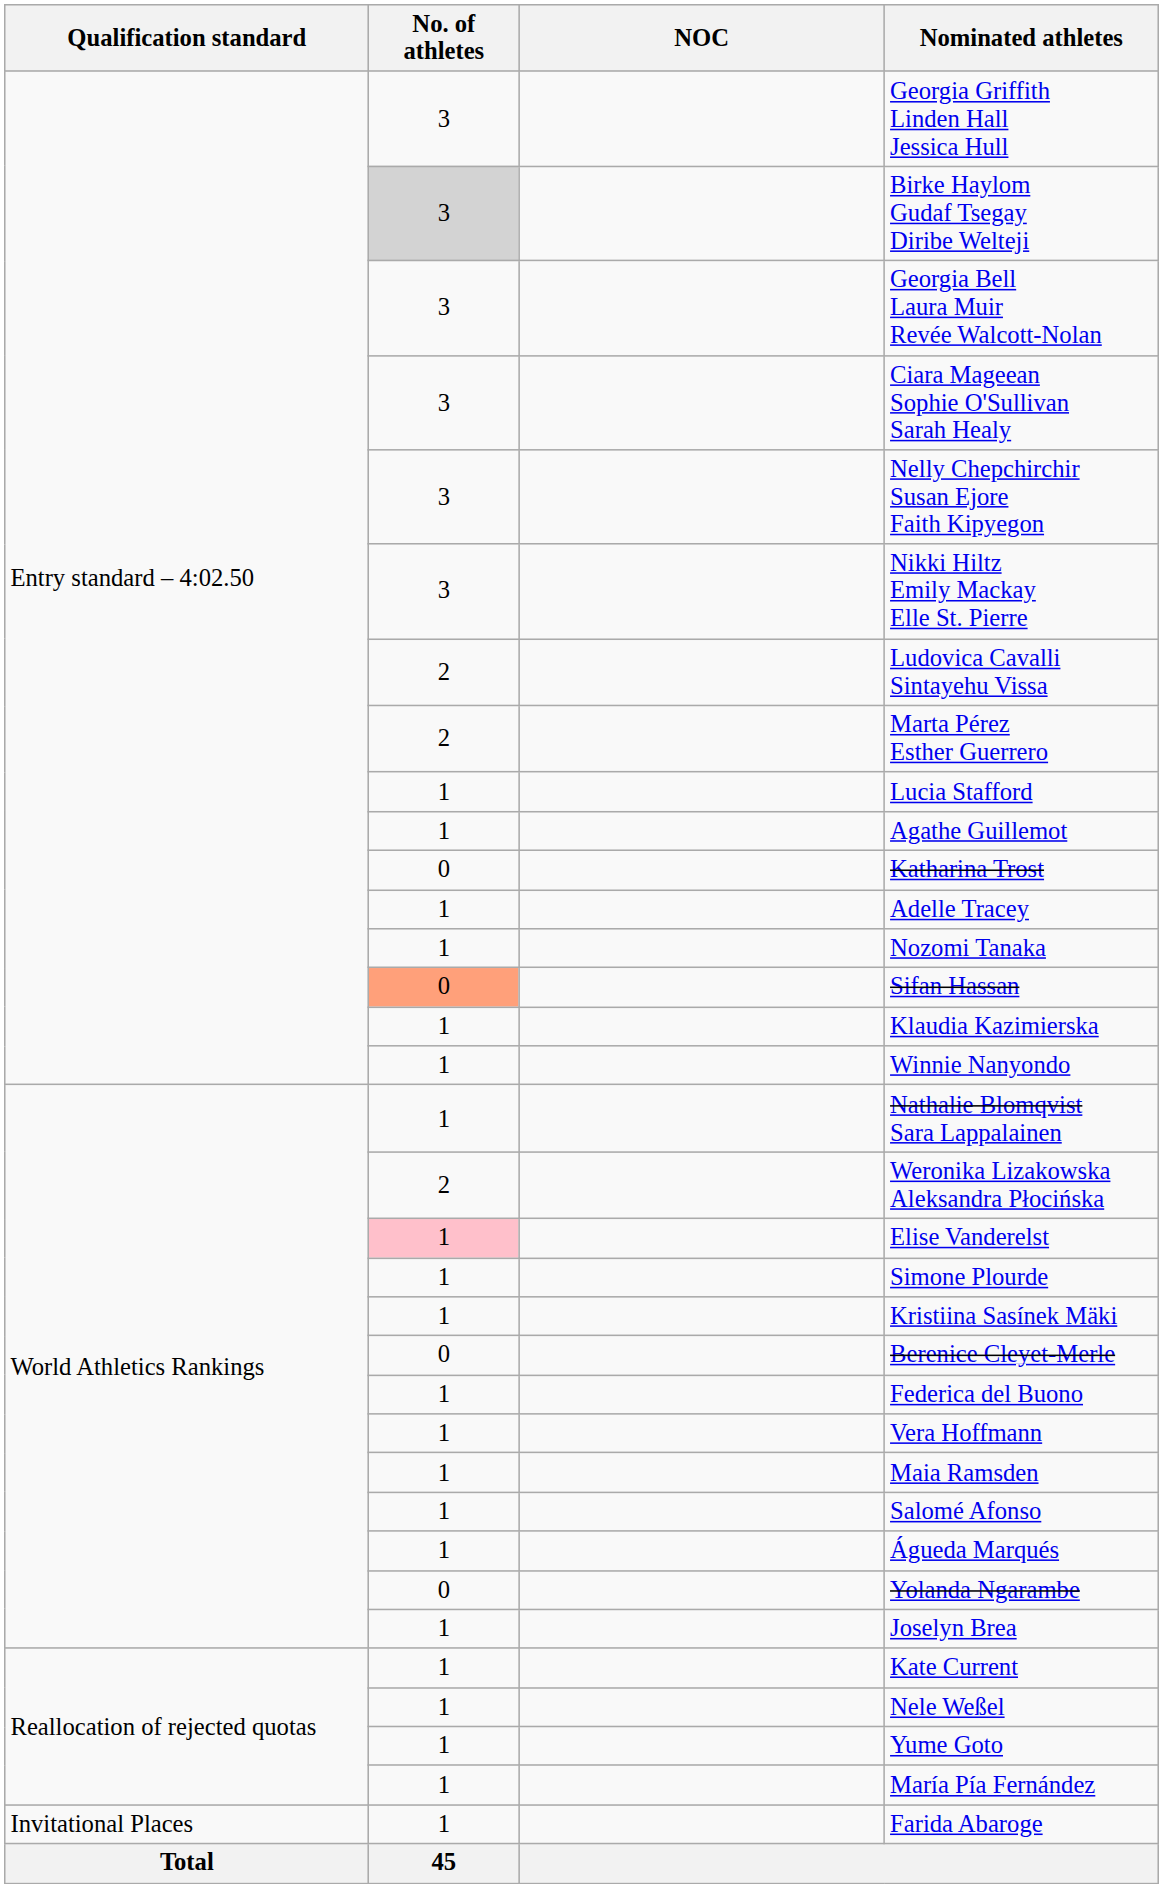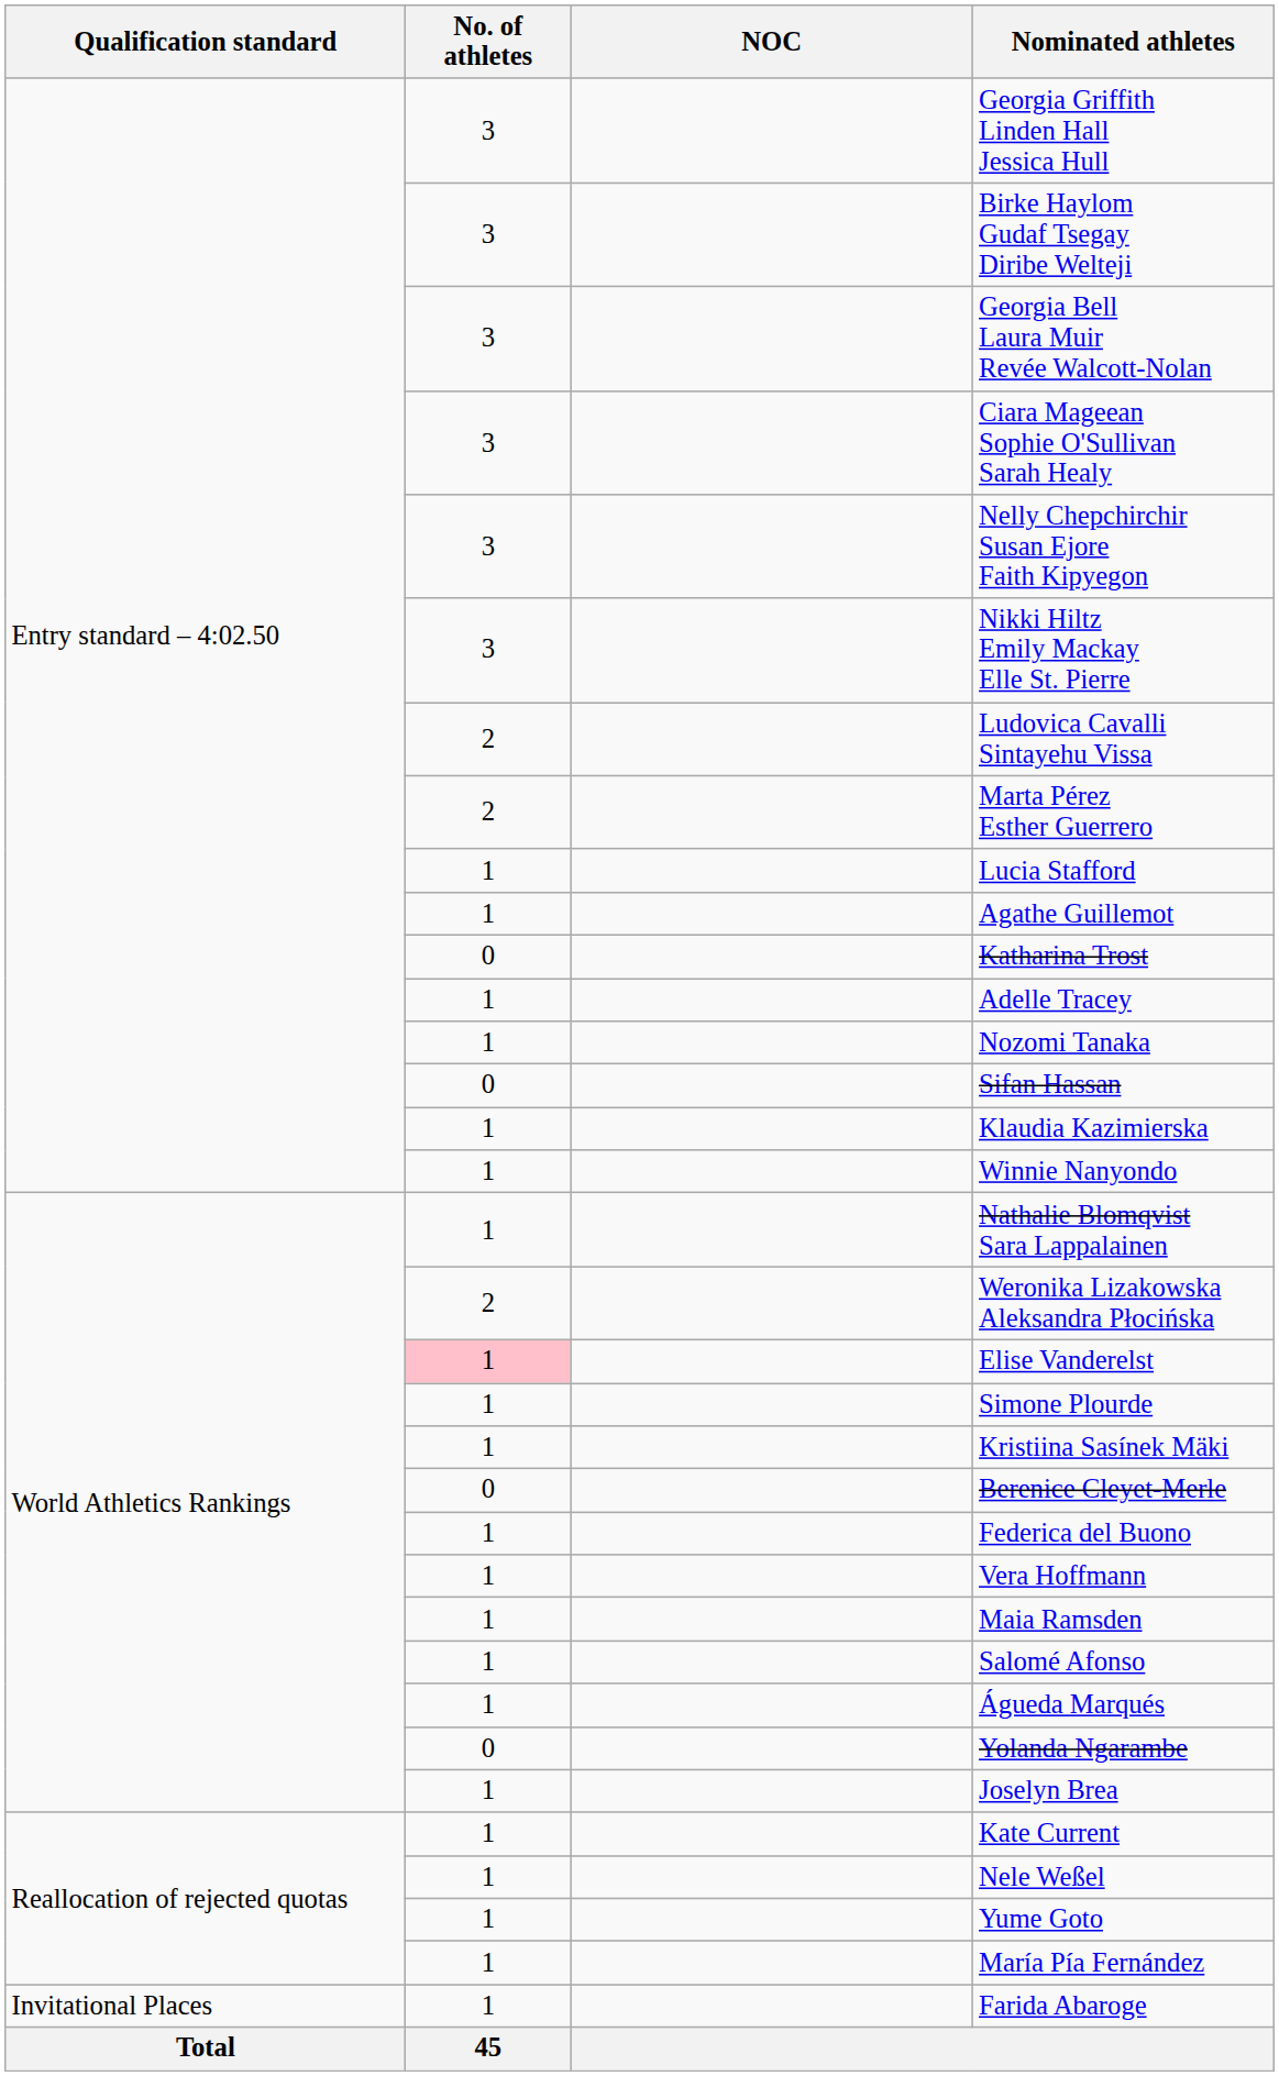 <table class="wikitable sortable" style="text-align:left; width:750px;">
 <tr>
 <th>Qualification standard</th>
 <th width=90>No. of athletes</th>
 <th width=230>NOC</th>
 <th>Nominated athletes</th>
 </tr>
 <tr>
 <td rowspan=16>Entry standard – 4:02.50</td>
 <td align=center>3</td>
 <td></td>
 <td><a href='#'>Georgia Griffith</a><br><a href='#'>Linden Hall</a><br><a href='#'>Jessica Hull</a></td>
 </tr>
 <tr>
-<td align=center style="background: lightgrey;">3</td>
+<td align=center>3</td>
 <td></td>
 <td><a href='#'>Birke Haylom</a><br><a href='#'>Gudaf Tsegay</a><br><a href='#'>Diribe Welteji</a></td>
 </tr>
 <tr>
 <td align=center>3</td>
 <td></td>
 <td><a href='#'>Georgia Bell</a><br><a href='#'>Laura Muir</a><br><a href='#'>Revée Walcott-Nolan</a></td>
 </tr>
 <tr>
 <td align=center>3</td>
 <td></td>
 <td><a href='#'>Ciara Mageean</a><br><a href='#'>Sophie O'Sullivan</a><br><a href='#'>Sarah Healy</a></td>
 </tr>
 <tr>
 <td align=center>3</td>
 <td></td>
 <td><a href='#'>Nelly Chepchirchir</a><br><a href='#'>Susan Ejore</a><br><a href='#'>Faith Kipyegon</a></td>
 </tr>
 <tr>
 <td align=center>3</td>
 <td></td>
 <td><a href='#'>Nikki Hiltz</a><br><a href='#'>Emily Mackay</a><br><a href='#'>Elle St. Pierre</a></td>
 </tr>
 <tr>
 <td align=center>2</td>
 <td></td>
 <td><a href='#'>Ludovica Cavalli</a><br><a href='#'>Sintayehu Vissa</a></td>
 </tr>
 <tr>
 <td align=center>2</td>
 <td></td>
 <td><a href='#'>Marta Pérez</a><br><a href='#'>Esther Guerrero</a></td>
 </tr>
 <tr>
 <td align=center>1</td>
 <td></td>
 <td><a href='#'>Lucia Stafford</a></td>
 </tr>
 <tr>
 <td align=center>1</td>
 <td></td>
 <td><a href='#'>Agathe Guillemot</a></td>
 </tr>
 <tr>
 <td align=center>0</td>
 <td><s></s></td>
 <td><s><a href='#'>Katharina Trost</a></s></td>
 </tr>
 <tr>
 <td align=center>1</td>
 <td></td>
 <td><a href='#'>Adelle Tracey</a></td>
 </tr>
 <tr>
 <td align=center>1</td>
 <td></td>
 <td><a href='#'>Nozomi Tanaka</a></td>
 </tr>
 <tr>
-<td align=center style="background: lightsalmon;">0</td>
+<td align=center>0</td>
 <td></td>
 <td><s><a href='#'>Sifan Hassan</a></s></td>
 </tr>
 <tr>
 <td align=center>1</td>
 <td></td>
 <td><a href='#'>Klaudia Kazimierska</a></td>
 </tr>
 <tr>
 <td align=center>1</td>
 <td></td>
 <td><a href='#'>Winnie Nanyondo</a></td>
 </tr>
 <tr>
 <td rowspan =13>World Athletics Rankings</td>
 <td align=center>1</td>
 <td></td>
 <td><s><a href='#'>Nathalie Blomqvist</a></s><br><a href='#'>Sara Lappalainen</a></td>
 </tr>
 <tr>
 <td align=center>2</td>
 <td></td>
 <td><a href='#'>Weronika Lizakowska</a><br><a href='#'>Aleksandra Płocińska</a></td>
 </tr>
 <tr>
 <td align=center style="background: pink;">1</td>
 <td></td>
 <td><a href='#'>Elise Vanderelst</a></td>
 </tr>
 <tr>
 <td align=center>1</td>
 <td></td>
 <td><a href='#'>Simone Plourde</a></td>
 </tr>
 <tr>
 <td align=center>1</td>
 <td></td>
 <td><a href='#'>Kristiina Sasínek Mäki</a></td>
 </tr>
 <tr>
 <td align=center>0</td>
 <td><s></s></td>
 <td><s><a href='#'>Berenice Cleyet-Merle</a></s></td>
 </tr>
 <tr>
 <td align=center>1</td>
 <td></td>
 <td><a href='#'>Federica del Buono</a></td>
 </tr>
 <tr>
 <td align=center>1</td>
 <td></td>
 <td><a href='#'>Vera Hoffmann</a></td>
 </tr>
 <tr>
 <td align=center>1</td>
 <td></td>
 <td><a href='#'>Maia Ramsden</a></td>
 </tr>
 <tr>
 <td align=center>1</td>
 <td></td>
 <td><a href='#'>Salomé Afonso</a></td>
 </tr>
 <tr>
 <td align=center>1</td>
 <td></td>
 <td><a href='#'>Águeda Marqués</a></td>
 </tr>
 <tr>
 <td align=center>0</td>
 <td><s></s></td>
 <td><s><a href='#'>Yolanda Ngarambe</a></s></td>
 </tr>
 <tr>
 <td align=center>1</td>
 <td></td>
 <td><a href='#'>Joselyn Brea</a></td>
 </tr>
 <tr>
 <td rowspan=4>Reallocation of rejected quotas</td>
 <td align=center>1</td>
 <td></td>
 <td><a href='#'>Kate Current</a></td>
 </tr>
 <tr>
 <td align=center>1</td>
 <td></td>
 <td><a href='#'>Nele Weßel</a></td>
 </tr>
 <tr>
 <td align=center>1</td>
 <td></td>
 <td><a href='#'>Yume Goto</a></td>
 </tr>
 <tr>
 <td align=center>1</td>
 <td></td>
 <td><a href='#'>María Pía Fernández</a></td>
 </tr>
 <tr>
 <td rowspan=1>Invitational Places</td>
 <td align=center>1</td>
 <td></td>
 <td><a href='#'>Farida Abaroge</a></td>
 </tr>
 <tr>
 <th>Total</th>
 <th>45</th>
 <th colspan=2></th>
 </tr>
 </table>
